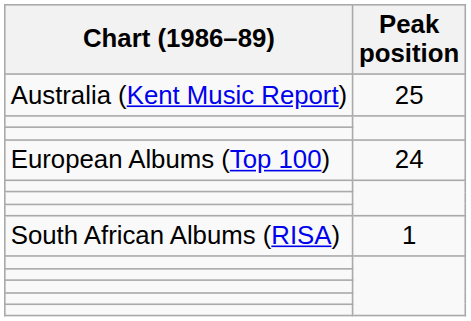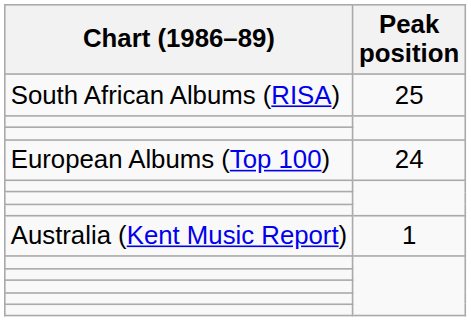 <table class="wikitable sortable">
 <tr>
 <th>Chart (1986–89)</th>
 <th>Peak<br>position</th>
 </tr>
 <tr>
-<td>Australia (<a href='#'>Kent Music Report</a>)</td>
+<td align="left">South African Albums (<a href='#'>RISA</a>)</td>
 <td align="center">25</td>
 </tr>
 <tr>
 <td></td>
 </tr>
 <tr>
 <td></td>
 </tr>
 <tr>
 <td>European Albums (<a href='#'>Top 100</a>)</td>
 <td style="text-align:center;">24</td>
 </tr>
 <tr>
 <td></td>
 </tr>
 <tr>
 <td></td>
 </tr>
 <tr>
 <td></td>
 </tr>
 <tr>
-<td align="left">South African Albums (<a href='#'>RISA</a>)</td>
+<td>Australia (<a href='#'>Kent Music Report</a>)</td>
 <td align="center">1</td>
 </tr>
 <tr>
 <td></td>
 </tr>
 <tr>
 <td></td>
 </tr>
 <tr>
 <td></td>
 </tr>
 <tr>
 <td></td>
 </tr>
 <tr>
 <td></td>
 </tr>
 </table>
